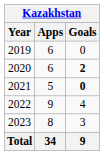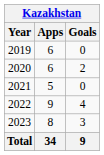 <table class="wikitable" style="text-align:center">
 <tr>
 <th colspan=3><a href='#'>Kazakhstan</a></th>
 </tr>
 <tr>
 <th>Year</th>
 <th>Apps</th>
 <th>Goals</th>
 </tr>
 <tr>
 <td>2019</td>
 <td>6</td>
 <td>0</td>
 </tr>
 <tr>
 <td>2020</td>
 <td>6</td>
-<td><strong>2</strong></td>
+<td>2</td>
 </tr>
 <tr>
 <td>2021</td>
 <td>5</td>
-<td><strong>0</strong></td>
+<td>0</td>
 </tr>
 <tr>
 <td>2022</td>
 <td>9</td>
 <td>4</td>
 </tr>
 <tr>
 <td>2023</td>
 <td>8</td>
 <td>3</td>
 </tr>
 <tr>
 <th>Total</th>
 <th>34</th>
 <th>9</th>
 </tr>
 </table>
